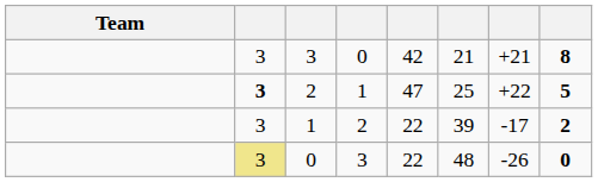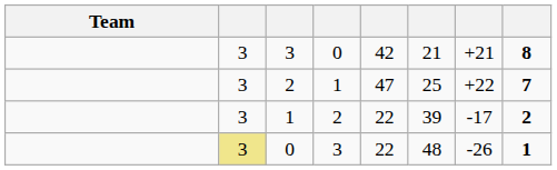 <table class="wikitable" style="text-align:center;font-size:95%">
 <tr>
 <th width=160>Team</th>
 <th width=30></th>
 <th width=30></th>
 <th width=30></th>
 <th width=30></th>
 <th width=30></th>
 <th width=30></th>
 <th width=30></th>
 </tr>
 <tr>
 <td align="left"></td>
 <td>3</td>
 <td>3</td>
 <td>0</td>
 <td>42</td>
 <td>21</td>
 <td>+21</td>
 <td><strong>8</strong></td>
 </tr>
 <tr>
 <td align="left"></td>
-<td><strong>3</strong></td>
+<td>3</td>
 <td>2</td>
 <td>1</td>
 <td>47</td>
 <td>25</td>
 <td>+22</td>
-<td><strong>5</strong></td>
+<td><strong>7</strong></td>
 </tr>
 <tr>
 <td align="left"></td>
 <td>3</td>
 <td>1</td>
 <td>2</td>
 <td>22</td>
 <td>39</td>
 <td>-17</td>
 <td><strong>2</strong></td>
 </tr>
 <tr>
 <td align="left"></td>
 <td style="background: khaki;">3</td>
 <td>0</td>
 <td>3</td>
 <td>22</td>
 <td>48</td>
 <td>-26</td>
-<td><strong>0</strong></td>
+<td><strong>1</strong></td>
 </tr>
 </table>
